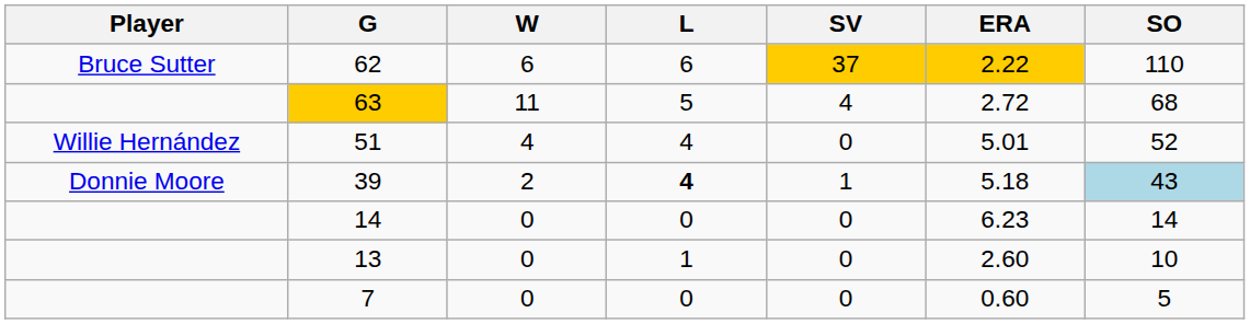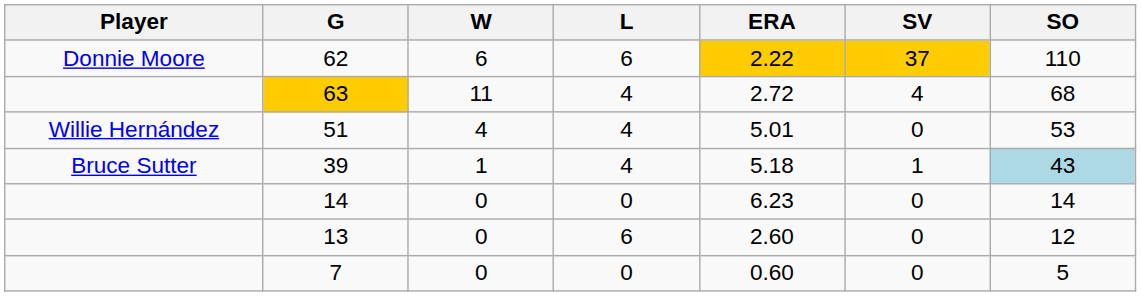 <table class="wikitable sortable">
 <tr>
 <th bgcolor="#DDDDFF" width="16%">Player</th>
 <th bgcolor="#DDDDFF" width="9%">G</th>
 <th bgcolor="#DDDDFF" width="9%">W</th>
 <th bgcolor="#DDDDFF" width="9%">L</th>
+<th bgcolor="#DDDDFF" width="9%">ERA</th>
 <th bgcolor="#DDDDFF" width="9%">SV</th>
-<th bgcolor="#DDDDFF" width="9%">ERA</th>
 <th bgcolor="#DDDDFF" width="9%">SO</th>
 </tr>
 <tr align="center">
-<td><a href='#'>Bruce Sutter</a></td>
+<td><a href='#'>Donnie Moore</a></td>
 <td>62</td>
 <td>6</td>
 <td>6</td>
+<td style="background:#fc0;">2.22</td>
 <td style="background:#fc0;">37</td>
-<td style="background:#fc0;">2.22</td>
 <td>110</td>
 </tr>
 <tr align=center>
 <td></td>
 <td style="background:#fc0;">63</td>
 <td>11</td>
-<td>5</td>
 <td>4</td>
 <td>2.72</td>
+<td>4</td>
 <td>68</td>
 </tr>
 <tr align="center">
 <td><a href='#'>Willie Hernández</a></td>
 <td>51</td>
 <td>4</td>
 <td>4</td>
+<td>5.01</td>
 <td>0</td>
-<td>5.01</td>
-<td>52</td>
+<td>53</td>
 </tr>
 <tr align=center>
-<td><a href='#'>Donnie Moore</a></td>
+<td><a href='#'>Bruce Sutter</a></td>
 <td>39</td>
-<td>2</td>
-<td><strong>4</strong></td>
 <td>1</td>
+<td>4</td>
 <td>5.18</td>
+<td>1</td>
 <td style="background: lightblue;">43</td>
 </tr>
 <tr align=center>
 <td></td>
 <td>14</td>
 <td>0</td>
 <td>0</td>
+<td>6.23</td>
 <td>0</td>
-<td>6.23</td>
 <td>14</td>
 </tr>
 <tr align="center">
 <td></td>
 <td>13</td>
 <td>0</td>
-<td>1</td>
+<td>6</td>
+<td>2.60</td>
 <td>0</td>
-<td>2.60</td>
-<td>10</td>
+<td>12</td>
 </tr>
 <tr align="center">
 <td></td>
 <td>7</td>
 <td>0</td>
 <td>0</td>
+<td>0.60</td>
 <td>0</td>
-<td>0.60</td>
 <td>5</td>
 </tr>
 </table>
